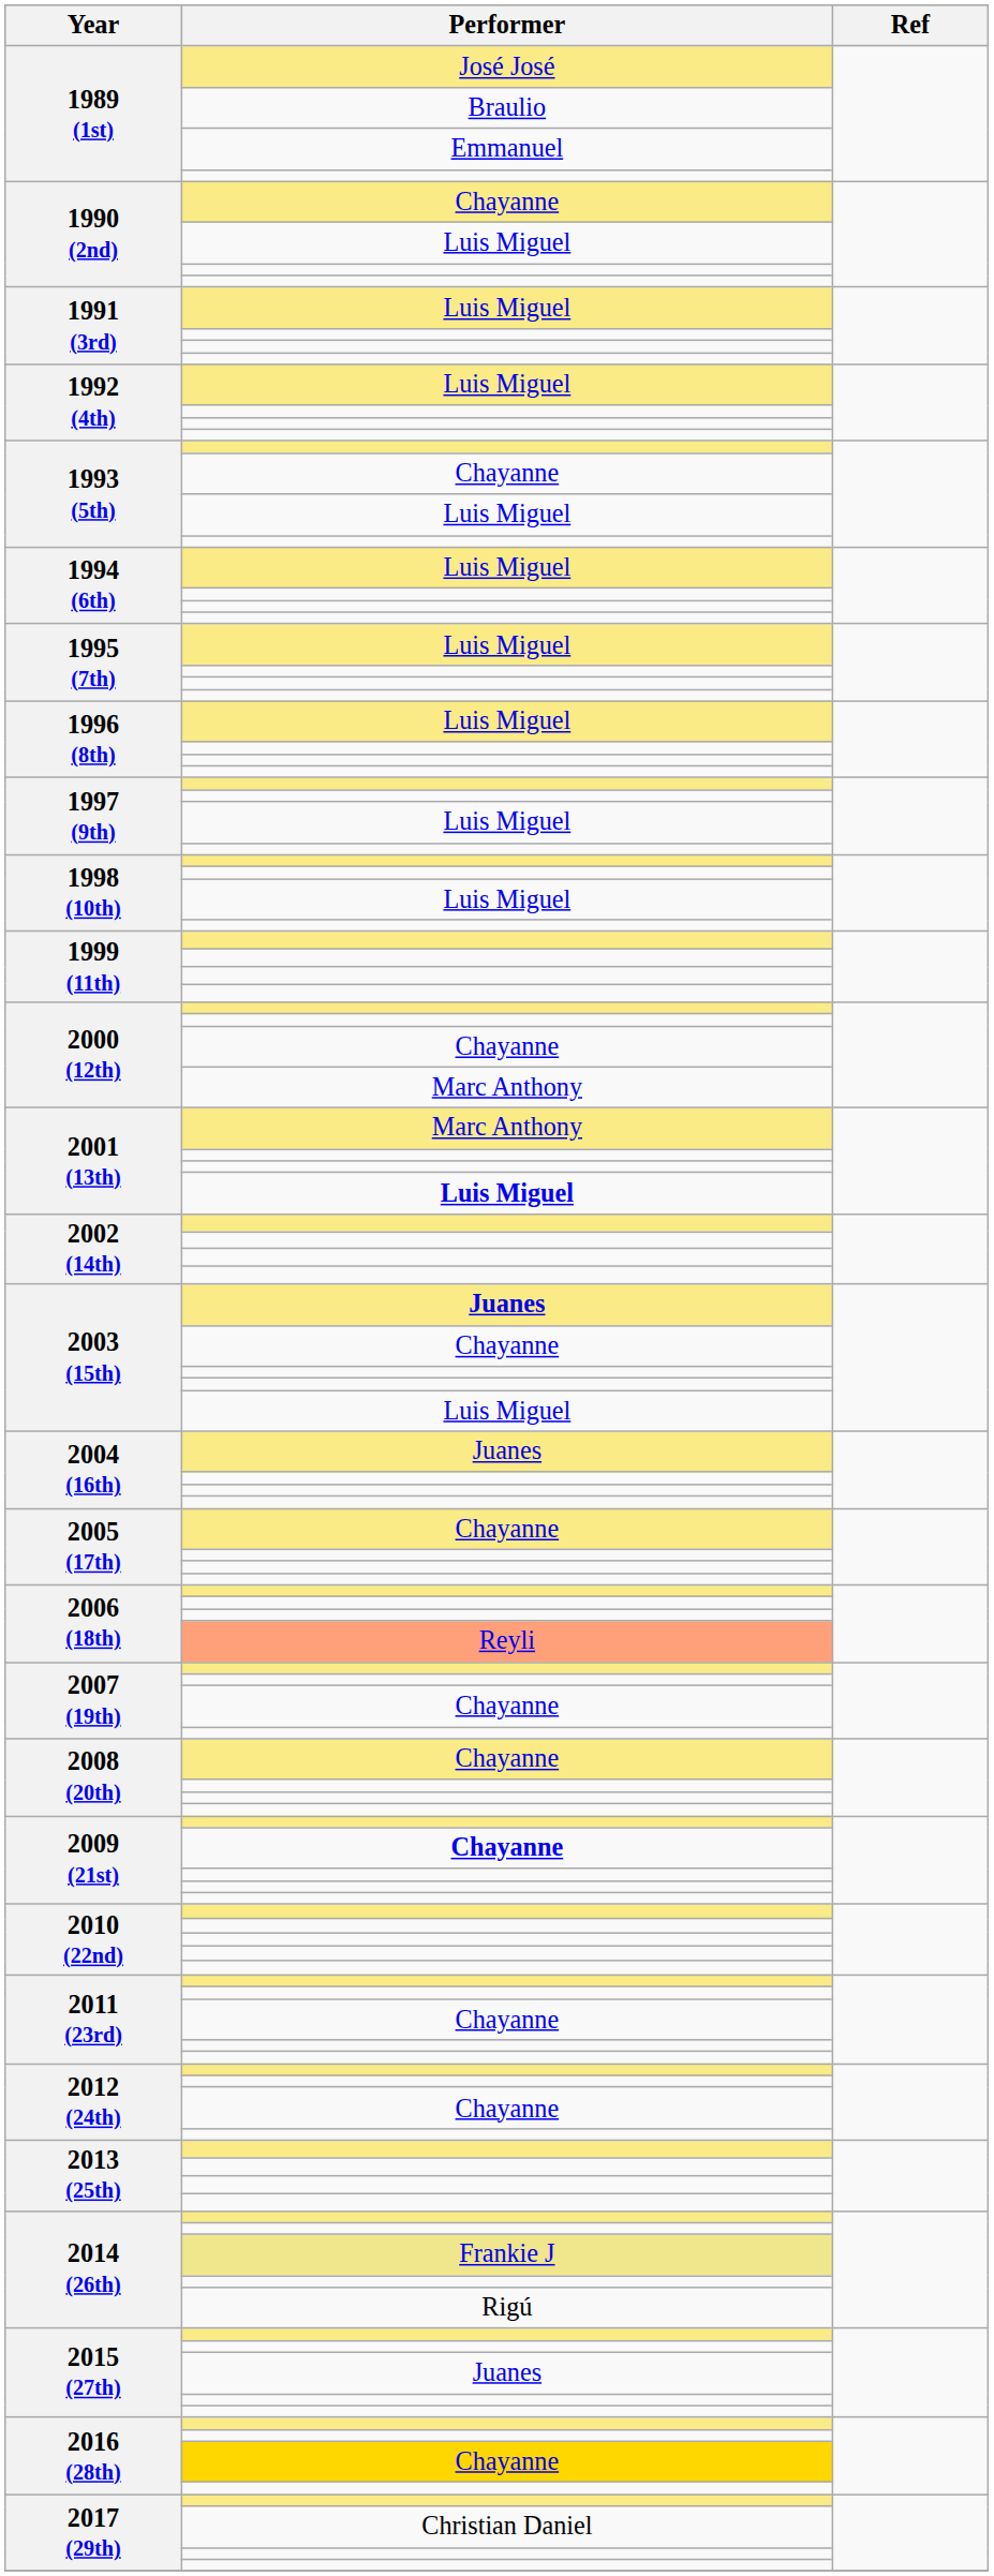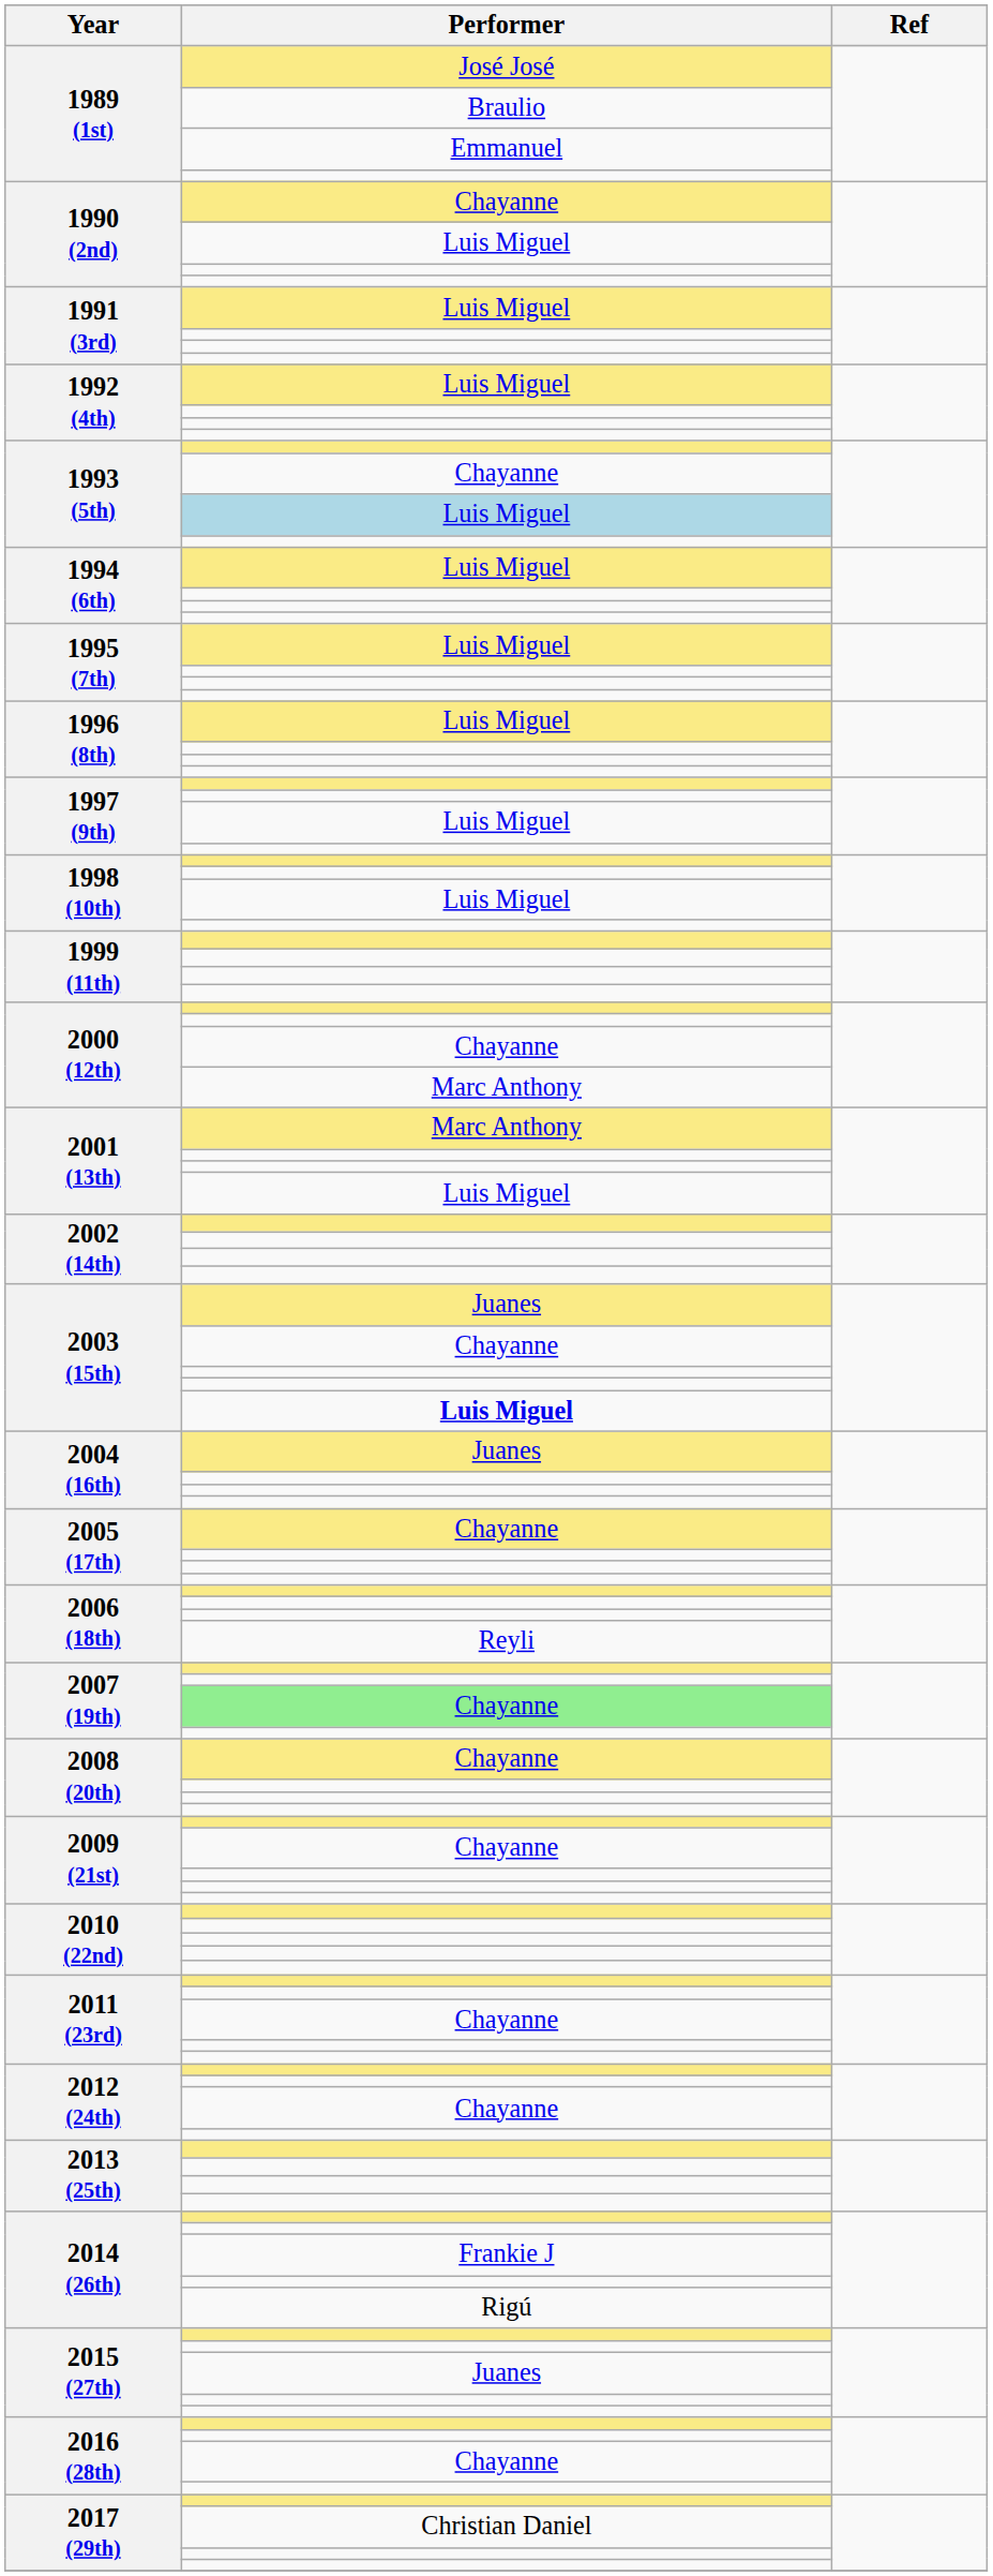 <table class="wikitable sortable" style="text-align:center">
 <tr style="background:#bebebe;">
 <th scope="col" style="width:1%;">Year</th>
 <th scope="col" style="width:5%;">Performer</th>
 <th scope="col" style="width:1%;" class="unsortable">Ref</th>
 </tr>
 <tr>
 <th scope="row"  rowspan=4>1989 <br><small><a href='#'>(1st)</a></small></th>
 <td style="background:#FAEB86"><a href='#'>José José</a></td>
 <td rowspan=4></td>
 </tr>
 <tr>
 <td><a href='#'>Braulio</a></td>
 </tr>
 <tr>
 <td><a href='#'>Emmanuel</a></td>
 </tr>
 <tr>
 <td></td>
 </tr>
 <tr>
 <th scope="row"  rowspan=4>1990 <br><small><a href='#'>(2nd)</a></small></th>
 <td style="background:#FAEB86"><a href='#'>Chayanne</a></td>
 <td rowspan=4></td>
 </tr>
 <tr>
 <td><a href='#'>Luis Miguel</a></td>
 </tr>
 <tr>
 <td></td>
 </tr>
 <tr>
 <td></td>
 </tr>
 <tr>
 <th scope="row" rowspan=4>1991 <br><small><a href='#'>(3rd)</a></small></th>
 <td style="background:#FAEB86"><a href='#'>Luis Miguel</a></td>
 <td rowspan=4></td>
 </tr>
 <tr>
 <td></td>
 </tr>
 <tr>
 <td></td>
 </tr>
 <tr>
 <td></td>
 </tr>
 <tr>
 <th scope="row"  rowspan=4>1992 <br><small><a href='#'>(4th)</a></small></th>
 <td style="background:#FAEB86"><a href='#'>Luis Miguel</a></td>
 <td rowspan=4></td>
 </tr>
 <tr>
 <td></td>
 </tr>
 <tr>
 <td></td>
 </tr>
 <tr>
 <td></td>
 </tr>
 <tr>
 <th scope="row"  rowspan=4>1993 <br><small><a href='#'>(5th)</a></small></th>
 <td style="background:#FAEB86"></td>
 <td rowspan=4></td>
 </tr>
 <tr>
 <td><a href='#'>Chayanne</a></td>
 </tr>
 <tr>
-<td><a href='#'>Luis Miguel</a></td>
+<td style="background: lightblue;"><a href='#'>Luis Miguel</a></td>
 </tr>
 <tr>
 <td></td>
 </tr>
 <tr>
 <th scope="row"  rowspan=4>1994 <br><small><a href='#'>(6th)</a></small></th>
 <td style="background:#FAEB86"><a href='#'>Luis Miguel</a></td>
 <td rowspan=4></td>
 </tr>
 <tr>
 <td></td>
 </tr>
 <tr>
 <td></td>
 </tr>
 <tr>
 <td></td>
 </tr>
 <tr>
 <th scope="row"  rowspan=4>1995 <br><small><a href='#'>(7th)</a></small></th>
 <td style="background:#FAEB86"><a href='#'>Luis Miguel</a></td>
 <td rowspan=4></td>
 </tr>
 <tr>
 <td></td>
 </tr>
 <tr>
 <td></td>
 </tr>
 <tr>
 <td></td>
 </tr>
 <tr>
 <th scope="row"  rowspan=4>1996 <br><small><a href='#'>(8th)</a></small></th>
 <td style="background:#FAEB86"><a href='#'>Luis Miguel</a></td>
 <td rowspan=4></td>
 </tr>
 <tr>
 <td></td>
 </tr>
 <tr>
 <td></td>
 </tr>
 <tr>
 <td></td>
 </tr>
 <tr>
 <th scope="row" rowspan=4>1997 <br><small><a href='#'>(9th)</a></small></th>
 <td style="background:#FAEB86"></td>
 <td rowspan=4></td>
 </tr>
 <tr>
 <td></td>
 </tr>
 <tr>
 <td><a href='#'>Luis Miguel</a></td>
 </tr>
 <tr>
 <td></td>
 </tr>
 <tr>
 <th scope="row" rowspan=4>1998 <br><small><a href='#'>(10th)</a></small></th>
 <td style="background:#FAEB86"></td>
 <td rowspan=4></td>
 </tr>
 <tr>
 <td></td>
 </tr>
 <tr>
 <td><a href='#'>Luis Miguel</a></td>
 </tr>
 <tr>
 <td></td>
 </tr>
 <tr>
 <th scope="row" rowspan=4>1999 <br><small><a href='#'>(11th)</a></small></th>
 <td style="background:#FAEB86"></td>
 <td rowspan=4></td>
 </tr>
 <tr>
 <td></td>
 </tr>
 <tr>
 <td></td>
 </tr>
 <tr>
 <td></td>
 </tr>
 <tr>
 <th scope="row" rowspan=4>2000 <br><small><a href='#'>(12th)</a></small></th>
 <td style="background:#FAEB86"></td>
 <td rowspan=4></td>
 </tr>
 <tr>
 <td></td>
 </tr>
 <tr>
 <td><a href='#'>Chayanne</a></td>
 </tr>
 <tr>
 <td><a href='#'>Marc Anthony</a></td>
 </tr>
 <tr>
 <th scope="row" rowspan=4>2001 <br><small><a href='#'>(13th)</a></small></th>
 <td style="background:#FAEB86"><a href='#'>Marc Anthony</a></td>
 <td rowspan=4></td>
 </tr>
 <tr>
 <td></td>
 </tr>
 <tr>
 <td></td>
 </tr>
 <tr>
-<td><strong><a href='#'>Luis Miguel</a></strong></td>
+<td><a href='#'>Luis Miguel</a></td>
 </tr>
 <tr>
 <th scope="row" rowspan=4>2002 <br><small><a href='#'>(14th)</a></small></th>
 <td style="background:#FAEB86"></td>
 <td rowspan=4></td>
 </tr>
 <tr>
 <td></td>
 </tr>
 <tr>
 <td></td>
 </tr>
 <tr>
 <td></td>
 </tr>
 <tr>
 <th scope="row" rowspan=5>2003 <br><small><a href='#'>(15th)</a></small></th>
-<td style="background:#FAEB86"><strong><a href='#'>Juanes</a></strong></td>
+<td style="background:#FAEB86"><a href='#'>Juanes</a></td>
 <td rowspan=5></td>
 </tr>
 <tr>
 <td><a href='#'>Chayanne</a></td>
 </tr>
 <tr>
 <td></td>
 </tr>
 <tr>
 <td></td>
 </tr>
 <tr>
-<td><a href='#'>Luis Miguel</a></td>
+<td><strong><a href='#'>Luis Miguel</a></strong></td>
 </tr>
 <tr>
 <th scope="row" rowspan=4>2004 <br><small><a href='#'>(16th)</a></small></th>
 <td style="background:#FAEB86"><a href='#'>Juanes</a></td>
 <td rowspan=4></td>
 </tr>
 <tr>
 <td></td>
 </tr>
 <tr>
 <td></td>
 </tr>
 <tr>
 <td></td>
 </tr>
 <tr>
 <th scope="row" rowspan=4>2005 <br><small><a href='#'>(17th)</a></small></th>
 <td style="background:#FAEB86"><a href='#'>Chayanne</a></td>
 <td rowspan=4></td>
 </tr>
 <tr>
 <td></td>
 </tr>
 <tr>
 <td></td>
 </tr>
 <tr>
 <td></td>
 </tr>
 <tr>
 <th scope="row" rowspan=4>2006 <br><small><a href='#'>(18th)</a></small></th>
 <td style="background:#FAEB86"></td>
 <td rowspan=4></td>
 </tr>
 <tr>
 <td></td>
 </tr>
 <tr>
 <td></td>
 </tr>
 <tr>
-<td style="background: lightsalmon;"><a href='#'>Reyli</a></td>
+<td><a href='#'>Reyli</a></td>
 </tr>
 <tr>
 <th scope="row" rowspan=4>2007 <br><small><a href='#'>(19th)</a></small></th>
 <td style="background:#FAEB86"></td>
 <td rowspan=4></td>
 </tr>
 <tr>
 <td></td>
 </tr>
 <tr>
-<td><a href='#'>Chayanne</a></td>
+<td style="background: lightgreen;"><a href='#'>Chayanne</a></td>
 </tr>
 <tr>
 <td></td>
 </tr>
 <tr>
 <th scope="row" rowspan=4>2008 <br><small><a href='#'>(20th)</a></small></th>
 <td style="background:#FAEB86"><a href='#'>Chayanne</a></td>
 <td rowspan=4></td>
 </tr>
 <tr>
 <td></td>
 </tr>
 <tr>
 <td></td>
 </tr>
 <tr>
 <td></td>
 </tr>
 <tr>
 <th scope="row" rowspan=5>2009 <br><small><a href='#'>(21st)</a></small></th>
 <td style="background:#FAEB86"></td>
 <td rowspan=5></td>
 </tr>
 <tr>
-<td><strong><a href='#'>Chayanne</a></strong></td>
+<td><a href='#'>Chayanne</a></td>
 </tr>
 <tr>
 <td></td>
 </tr>
 <tr>
 <td></td>
 </tr>
 <tr>
 <td></td>
 </tr>
 <tr>
 <th scope="row" rowspan=5>2010 <br><small><a href='#'>(22nd)</a></small></th>
 <td style="background:#FAEB86"></td>
 <td rowspan=5></td>
 </tr>
 <tr>
 <td></td>
 </tr>
 <tr>
 <td></td>
 </tr>
 <tr>
 <td></td>
 </tr>
 <tr>
 <td></td>
 </tr>
 <tr>
 <th scope="row" rowspan=5>2011 <br><small><a href='#'>(23rd)</a></small></th>
 <td style="background:#FAEB86"></td>
 <td rowspan=5></td>
 </tr>
 <tr>
 <td></td>
 </tr>
 <tr>
 <td><a href='#'>Chayanne</a></td>
 </tr>
 <tr>
 <td></td>
 </tr>
 <tr>
 <td></td>
 </tr>
 <tr>
 <th scope="row" rowspan=4>2012 <br><small><a href='#'>(24th)</a></small></th>
 <td style="background:#FAEB86"></td>
 <td rowspan=4></td>
 </tr>
 <tr>
 <td></td>
 </tr>
 <tr>
 <td><a href='#'>Chayanne</a></td>
 </tr>
 <tr>
 <td></td>
 </tr>
 <tr>
 <th scope="row" rowspan=4>2013 <br><small><a href='#'>(25th)</a></small></th>
 <td style="background:#FAEB86"></td>
 <td rowspan=4></td>
 </tr>
 <tr>
 <td></td>
 </tr>
 <tr>
 <td></td>
 </tr>
 <tr>
 <td></td>
 </tr>
 <tr>
 <th scope="row" rowspan=5>2014 <br><small><a href='#'>(26th)</a></small></th>
 <td style="background:#FAEB86"></td>
 <td rowspan=5></td>
 </tr>
 <tr>
 <td></td>
 </tr>
 <tr>
-<td style="background: khaki;"><a href='#'>Frankie J</a></td>
+<td><a href='#'>Frankie J</a></td>
 </tr>
 <tr>
 <td></td>
 </tr>
 <tr>
 <td>Rigú</td>
 </tr>
 <tr>
 <th scope="row" rowspan=5>2015 <br><small><a href='#'>(27th)</a></small></th>
 <td style="background:#FAEB86"></td>
 <td rowspan=5></td>
 </tr>
 <tr>
 <td></td>
 </tr>
 <tr>
 <td><a href='#'>Juanes</a></td>
 </tr>
 <tr>
 <td></td>
 </tr>
 <tr>
 <td></td>
 </tr>
 <tr>
 <th scope="row" rowspan=4>2016 <br><small><a href='#'>(28th)</a></small></th>
 <td style="background:#FAEB86"></td>
 <td rowspan=4></td>
 </tr>
 <tr>
 <td></td>
 </tr>
 <tr>
-<td style="background: gold;"><a href='#'>Chayanne</a></td>
+<td><a href='#'>Chayanne</a></td>
 </tr>
 <tr>
 <td></td>
 </tr>
 <tr>
 <th scope="row" rowspan=4>2017 <br><small><a href='#'>(29th)</a></small></th>
 <td style="background:#FAEB86"></td>
 <td rowspan=4></td>
 </tr>
 <tr>
 <td>Christian Daniel</td>
 </tr>
 <tr>
 <td></td>
 </tr>
 <tr>
 <td></td>
 </tr>
 <tr>
 </tr>
 </table>
